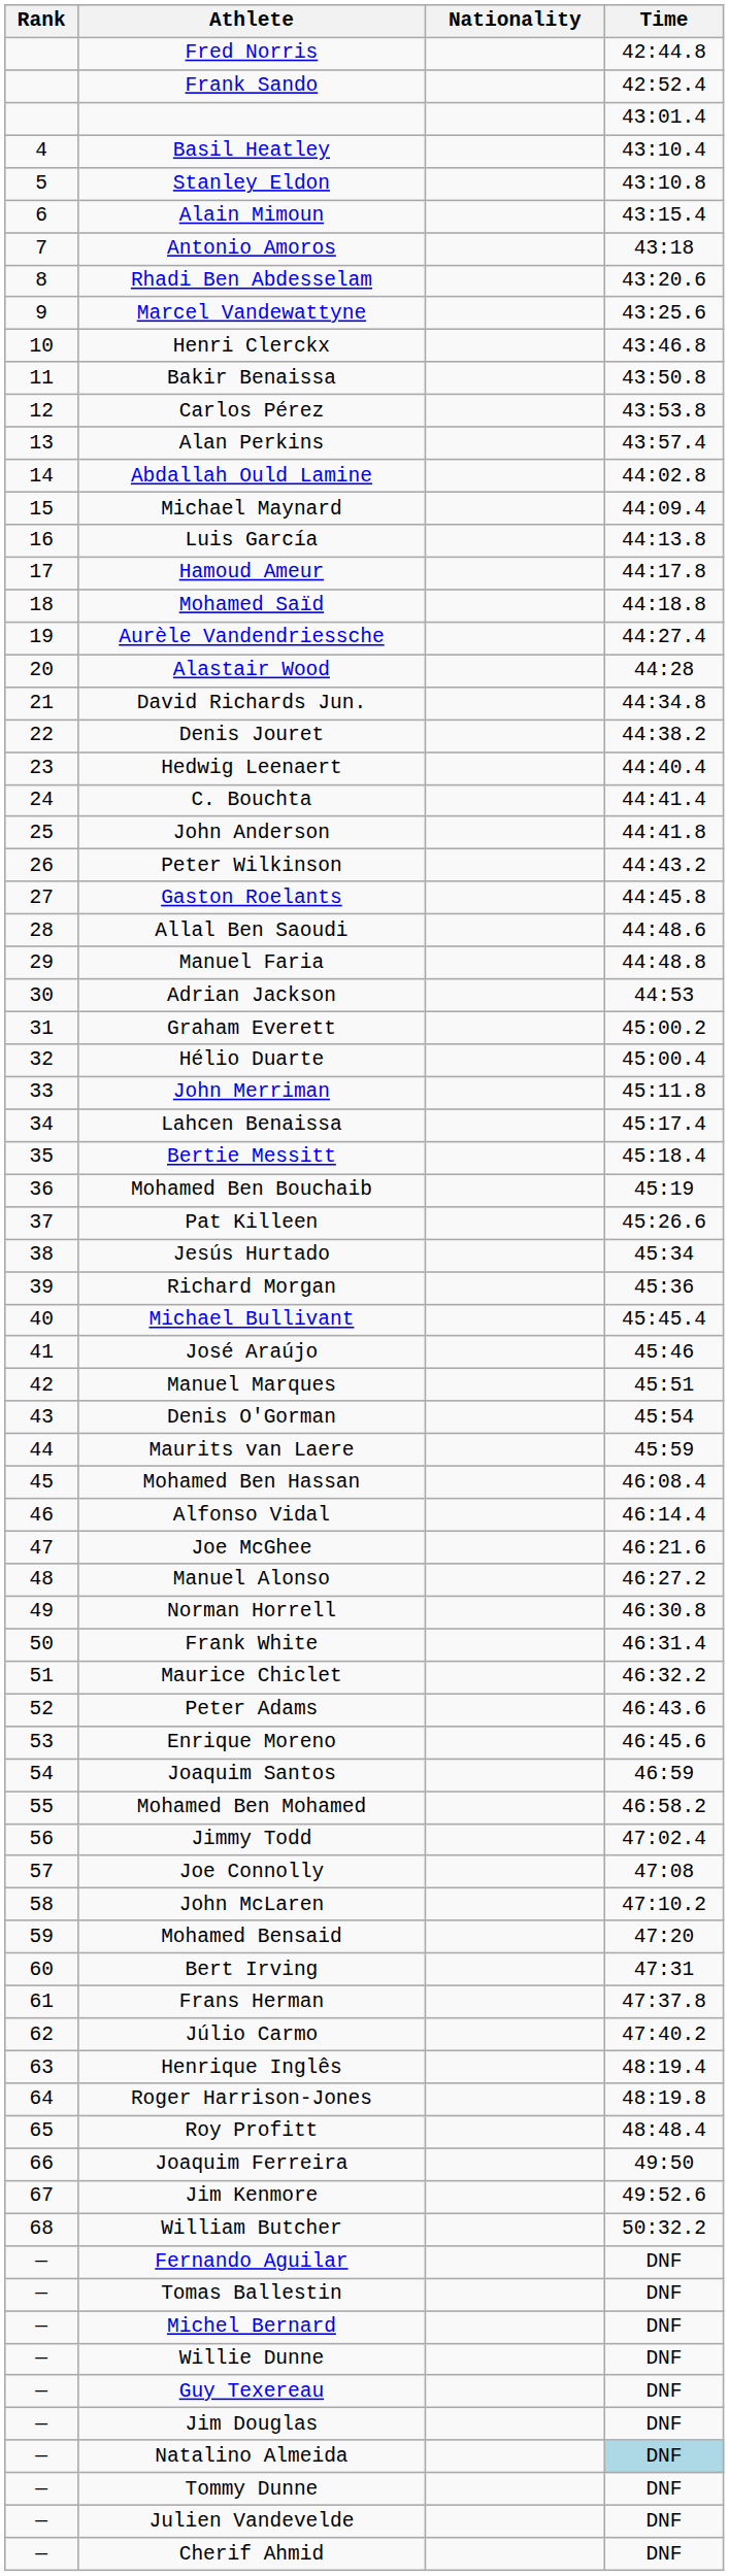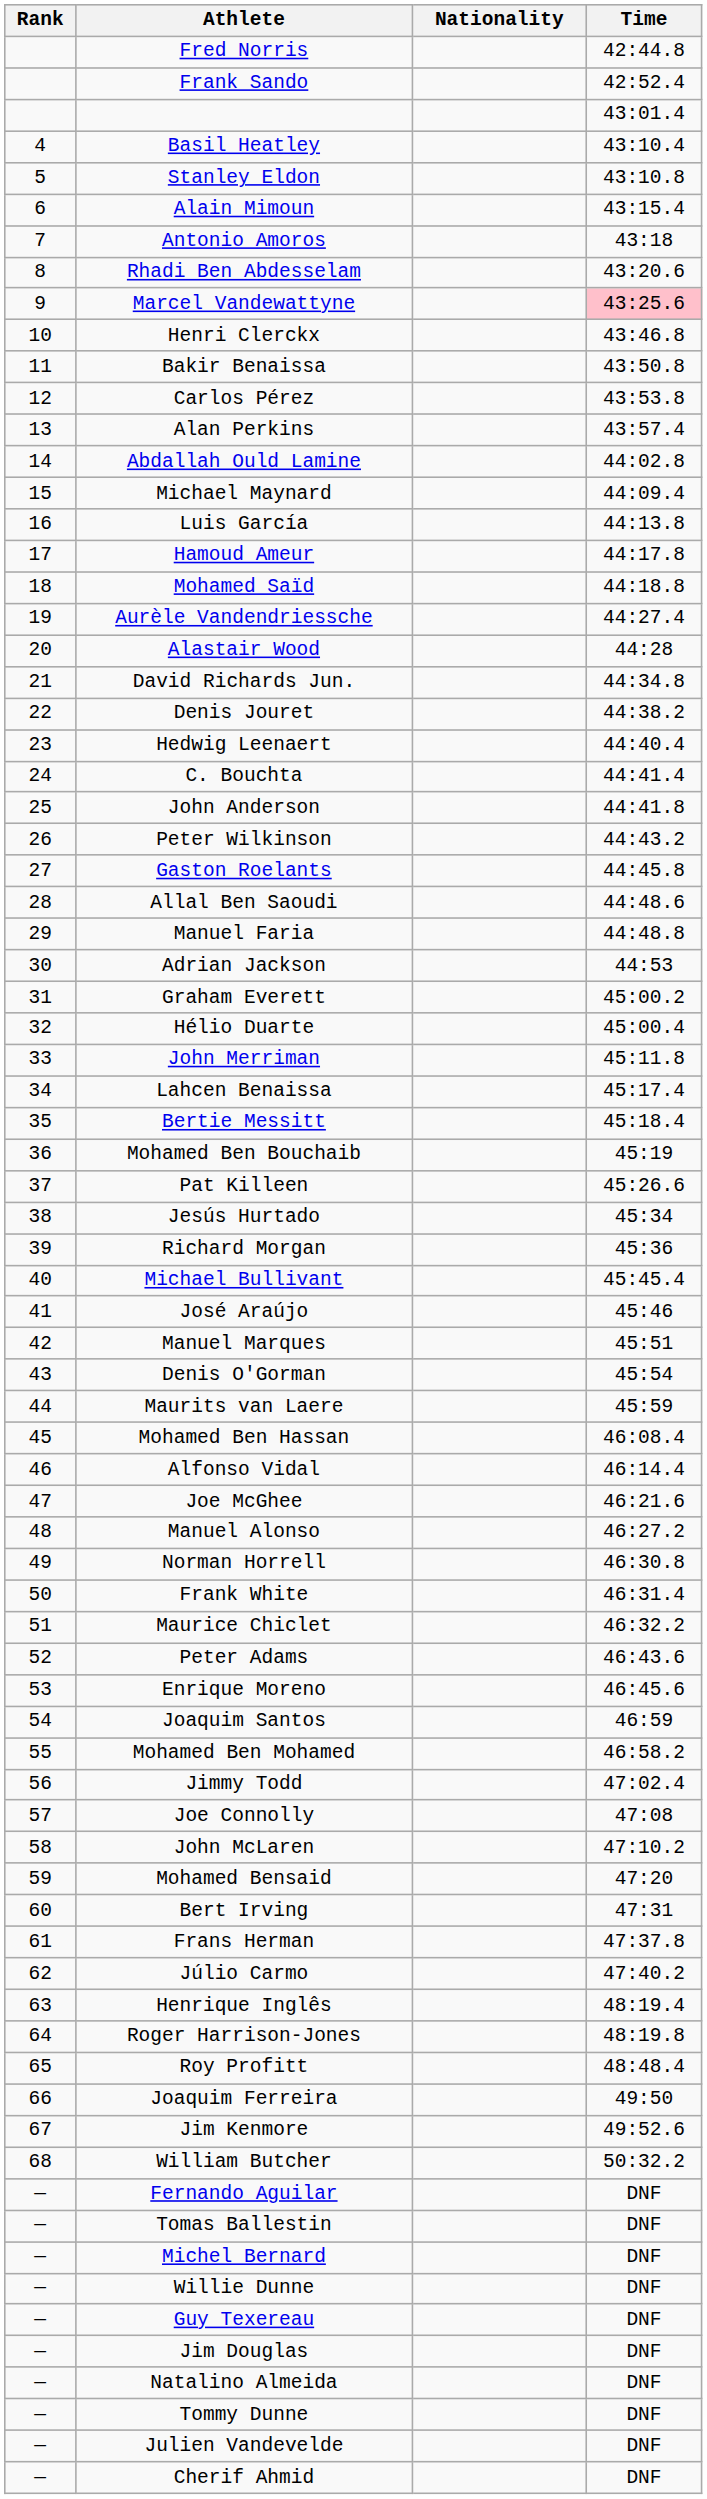 <table class="wikitable sortable" style=" text-align:center; font-size:95%;" width="50%">
 <tr>
 <th>Rank</th>
 <th>Athlete</th>
 <th>Nationality</th>
 <th>Time</th>
 </tr>
 <tr>
 <td align=center></td>
 <td><a href='#'>Fred Norris</a></td>
 <td></td>
 <td>42:44.8</td>
 </tr>
 <tr>
 <td align=center></td>
 <td><a href='#'>Frank Sando</a></td>
 <td></td>
 <td>42:52.4</td>
 </tr>
 <tr>
 <td align=center></td>
 <td></td>
 <td></td>
 <td>43:01.4</td>
 </tr>
 <tr>
 <td align=center>4</td>
 <td><a href='#'>Basil Heatley</a></td>
 <td></td>
 <td>43:10.4</td>
 </tr>
 <tr>
 <td align=center>5</td>
 <td><a href='#'>Stanley Eldon</a></td>
 <td></td>
 <td>43:10.8</td>
 </tr>
 <tr>
 <td align=center>6</td>
 <td><a href='#'>Alain Mimoun</a></td>
 <td></td>
 <td>43:15.4</td>
 </tr>
 <tr>
 <td align=center>7</td>
 <td><a href='#'>Antonio Amoros</a></td>
 <td></td>
 <td>43:18</td>
 </tr>
 <tr>
 <td align=center>8</td>
 <td><a href='#'>Rhadi Ben Abdesselam</a></td>
 <td></td>
 <td>43:20.6</td>
 </tr>
 <tr>
 <td align=center>9</td>
 <td><a href='#'>Marcel Vandewattyne</a></td>
 <td></td>
-<td>43:25.6</td>
+<td style="background: pink;">43:25.6</td>
 </tr>
 <tr>
 <td align=center>10</td>
 <td>Henri Clerckx</td>
 <td></td>
 <td>43:46.8</td>
 </tr>
 <tr>
 <td align=center>11</td>
 <td>Bakir Benaissa</td>
 <td></td>
 <td>43:50.8</td>
 </tr>
 <tr>
 <td align=center>12</td>
 <td>Carlos Pérez</td>
 <td></td>
 <td>43:53.8</td>
 </tr>
 <tr>
 <td align=center>13</td>
 <td>Alan Perkins</td>
 <td></td>
 <td>43:57.4</td>
 </tr>
 <tr>
 <td align=center>14</td>
 <td><a href='#'>Abdallah Ould Lamine</a></td>
 <td></td>
 <td>44:02.8</td>
 </tr>
 <tr>
 <td align=center>15</td>
 <td>Michael Maynard</td>
 <td></td>
 <td>44:09.4</td>
 </tr>
 <tr>
 <td align=center>16</td>
 <td>Luis García</td>
 <td></td>
 <td>44:13.8</td>
 </tr>
 <tr>
 <td align=center>17</td>
 <td><a href='#'>Hamoud Ameur</a></td>
 <td></td>
 <td>44:17.8</td>
 </tr>
 <tr>
 <td align=center>18</td>
 <td><a href='#'>Mohamed Saïd</a></td>
 <td></td>
 <td>44:18.8</td>
 </tr>
 <tr>
 <td align=center>19</td>
 <td><a href='#'>Aurèle Vandendriessche</a></td>
 <td></td>
 <td>44:27.4</td>
 </tr>
 <tr>
 <td align=center>20</td>
 <td><a href='#'>Alastair Wood</a></td>
 <td></td>
 <td>44:28</td>
 </tr>
 <tr>
 <td align=center>21</td>
 <td>David Richards Jun.</td>
 <td></td>
 <td>44:34.8</td>
 </tr>
 <tr>
 <td align=center>22</td>
 <td>Denis Jouret</td>
 <td></td>
 <td>44:38.2</td>
 </tr>
 <tr>
 <td align=center>23</td>
 <td>Hedwig Leenaert</td>
 <td></td>
 <td>44:40.4</td>
 </tr>
 <tr>
 <td align=center>24</td>
 <td>C. Bouchta</td>
 <td></td>
 <td>44:41.4</td>
 </tr>
 <tr>
 <td align=center>25</td>
 <td>John Anderson</td>
 <td></td>
 <td>44:41.8</td>
 </tr>
 <tr>
 <td align=center>26</td>
 <td>Peter Wilkinson</td>
 <td></td>
 <td>44:43.2</td>
 </tr>
 <tr>
 <td align=center>27</td>
 <td><a href='#'>Gaston Roelants</a></td>
 <td></td>
 <td>44:45.8</td>
 </tr>
 <tr>
 <td align=center>28</td>
 <td>Allal Ben Saoudi</td>
 <td></td>
 <td>44:48.6</td>
 </tr>
 <tr>
 <td align=center>29</td>
 <td>Manuel Faria</td>
 <td></td>
 <td>44:48.8</td>
 </tr>
 <tr>
 <td align=center>30</td>
 <td>Adrian Jackson</td>
 <td></td>
 <td>44:53</td>
 </tr>
 <tr>
 <td align=center>31</td>
 <td>Graham Everett</td>
 <td></td>
 <td>45:00.2</td>
 </tr>
 <tr>
 <td align=center>32</td>
 <td>Hélio Duarte</td>
 <td></td>
 <td>45:00.4</td>
 </tr>
 <tr>
 <td align=center>33</td>
 <td><a href='#'>John Merriman</a></td>
 <td></td>
 <td>45:11.8</td>
 </tr>
 <tr>
 <td align=center>34</td>
 <td>Lahcen Benaissa</td>
 <td></td>
 <td>45:17.4</td>
 </tr>
 <tr>
 <td align=center>35</td>
 <td><a href='#'>Bertie Messitt</a></td>
 <td></td>
 <td>45:18.4</td>
 </tr>
 <tr>
 <td align=center>36</td>
 <td>Mohamed Ben Bouchaib</td>
 <td></td>
 <td>45:19</td>
 </tr>
 <tr>
 <td align=center>37</td>
 <td>Pat Killeen</td>
 <td></td>
 <td>45:26.6</td>
 </tr>
 <tr>
 <td align=center>38</td>
 <td>Jesús Hurtado</td>
 <td></td>
 <td>45:34</td>
 </tr>
 <tr>
 <td align=center>39</td>
 <td>Richard Morgan</td>
 <td></td>
 <td>45:36</td>
 </tr>
 <tr>
 <td align=center>40</td>
 <td><a href='#'>Michael Bullivant</a></td>
 <td></td>
 <td>45:45.4</td>
 </tr>
 <tr>
 <td align=center>41</td>
 <td>José Araújo</td>
 <td></td>
 <td>45:46</td>
 </tr>
 <tr>
 <td align=center>42</td>
 <td>Manuel Marques</td>
 <td></td>
 <td>45:51</td>
 </tr>
 <tr>
 <td align=center>43</td>
 <td>Denis O'Gorman</td>
 <td></td>
 <td>45:54</td>
 </tr>
 <tr>
 <td align=center>44</td>
 <td>Maurits van Laere</td>
 <td></td>
 <td>45:59</td>
 </tr>
 <tr>
 <td align=center>45</td>
 <td>Mohamed Ben Hassan</td>
 <td></td>
 <td>46:08.4</td>
 </tr>
 <tr>
 <td align=center>46</td>
 <td>Alfonso Vidal</td>
 <td></td>
 <td>46:14.4</td>
 </tr>
 <tr>
 <td align=center>47</td>
 <td>Joe McGhee</td>
 <td></td>
 <td>46:21.6</td>
 </tr>
 <tr>
 <td align=center>48</td>
 <td>Manuel Alonso</td>
 <td></td>
 <td>46:27.2</td>
 </tr>
 <tr>
 <td align=center>49</td>
 <td>Norman Horrell</td>
 <td></td>
 <td>46:30.8</td>
 </tr>
 <tr>
 <td align=center>50</td>
 <td>Frank White</td>
 <td></td>
 <td>46:31.4</td>
 </tr>
 <tr>
 <td align=center>51</td>
 <td>Maurice Chiclet</td>
 <td></td>
 <td>46:32.2</td>
 </tr>
 <tr>
 <td align=center>52</td>
 <td>Peter Adams</td>
 <td></td>
 <td>46:43.6</td>
 </tr>
 <tr>
 <td align=center>53</td>
 <td>Enrique Moreno</td>
 <td></td>
 <td>46:45.6</td>
 </tr>
 <tr>
 <td align=center>54</td>
 <td>Joaquim Santos</td>
 <td></td>
 <td>46:59</td>
 </tr>
 <tr>
 <td align=center>55</td>
 <td>Mohamed Ben Mohamed</td>
 <td></td>
 <td>46:58.2</td>
 </tr>
 <tr>
 <td align=center>56</td>
 <td>Jimmy Todd</td>
 <td></td>
 <td>47:02.4</td>
 </tr>
 <tr>
 <td align=center>57</td>
 <td>Joe Connolly</td>
 <td></td>
 <td>47:08</td>
 </tr>
 <tr>
 <td align=center>58</td>
 <td>John McLaren</td>
 <td></td>
 <td>47:10.2</td>
 </tr>
 <tr>
 <td align=center>59</td>
 <td>Mohamed Bensaid</td>
 <td></td>
 <td>47:20</td>
 </tr>
 <tr>
 <td align=center>60</td>
 <td>Bert Irving</td>
 <td></td>
 <td>47:31</td>
 </tr>
 <tr>
 <td align=center>61</td>
 <td>Frans Herman</td>
 <td></td>
 <td>47:37.8</td>
 </tr>
 <tr>
 <td align=center>62</td>
 <td>Júlio Carmo</td>
 <td></td>
 <td>47:40.2</td>
 </tr>
 <tr>
 <td align=center>63</td>
 <td>Henrique Inglês</td>
 <td></td>
 <td>48:19.4</td>
 </tr>
 <tr>
 <td align=center>64</td>
 <td>Roger Harrison-Jones</td>
 <td></td>
 <td>48:19.8</td>
 </tr>
 <tr>
 <td align=center>65</td>
 <td>Roy Profitt</td>
 <td></td>
 <td>48:48.4</td>
 </tr>
 <tr>
 <td align=center>66</td>
 <td>Joaquim Ferreira</td>
 <td></td>
 <td>49:50</td>
 </tr>
 <tr>
 <td align=center>67</td>
 <td>Jim Kenmore</td>
 <td></td>
 <td>49:52.6</td>
 </tr>
 <tr>
 <td align=center>68</td>
 <td>William Butcher</td>
 <td></td>
 <td>50:32.2</td>
 </tr>
 <tr>
 <td align=center>—</td>
 <td><a href='#'>Fernando Aguilar</a></td>
 <td></td>
 <td>DNF</td>
 </tr>
 <tr>
 <td align=center>—</td>
 <td>Tomas Ballestin</td>
 <td></td>
 <td>DNF</td>
 </tr>
 <tr>
 <td align=center>—</td>
 <td><a href='#'>Michel Bernard</a></td>
 <td></td>
 <td>DNF</td>
 </tr>
 <tr>
 <td align=center>—</td>
 <td>Willie Dunne</td>
 <td></td>
 <td>DNF</td>
 </tr>
 <tr>
 <td align=center>—</td>
 <td><a href='#'>Guy Texereau</a></td>
 <td></td>
 <td>DNF</td>
 </tr>
 <tr>
 <td align=center>—</td>
 <td>Jim Douglas</td>
 <td></td>
 <td>DNF</td>
 </tr>
 <tr>
 <td align=center>—</td>
 <td>Natalino Almeida</td>
 <td></td>
-<td style="background: lightblue;">DNF</td>
+<td>DNF</td>
 </tr>
 <tr>
 <td align=center>—</td>
 <td>Tommy Dunne</td>
 <td></td>
 <td>DNF</td>
 </tr>
 <tr>
 <td align=center>—</td>
 <td>Julien Vandevelde</td>
 <td></td>
 <td>DNF</td>
 </tr>
 <tr>
 <td align=center>—</td>
 <td>Cherif Ahmid</td>
 <td></td>
 <td>DNF</td>
 </tr>
 </table>
